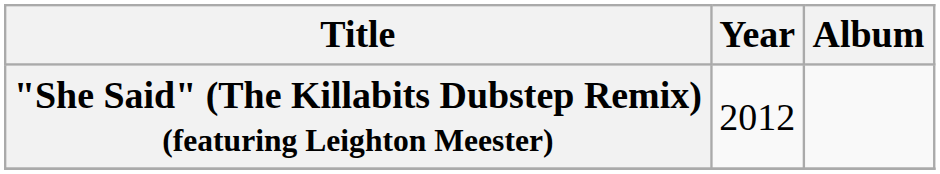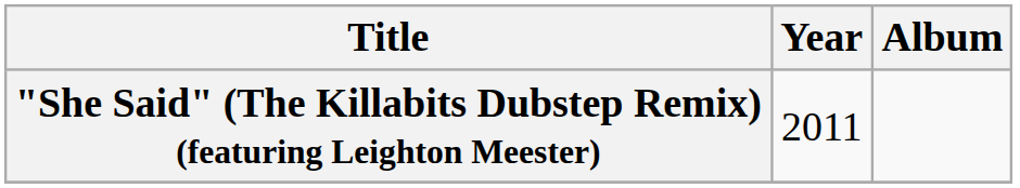 <table class="wikitable plainrowheaders" style="text-align:center;">
 <tr>
 <th scope="col">Title</th>
 <th scope="col">Year</th>
 <th scope="col">Album</th>
 </tr>
 <tr>
 <th scope="row">"She Said" (The Killabits Dubstep Remix)<br><small>(featuring Leighton Meester)</small></th>
-<td>2012</td>
+<td>2011</td>
 <td></td>
 </tr>
 <tr>
 </tr>
 </table>
